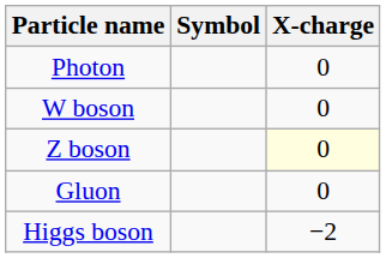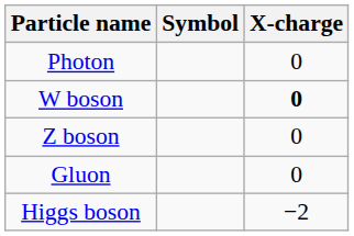 <table class="wikitable" style="text-align:center;">
 <tr>
 <th>Particle name</th>
 <th>Symbol</th>
 <th>X-charge</th>
 </tr>
 <tr>
 <td><a href='#'>Photon</a></td>
 <td></td>
 <td>0</td>
 </tr>
 <tr>
 <td><a href='#'>W boson</a></td>
 <td></td>
-<td>0</td>
+<td><strong>0</strong></td>
 </tr>
 <tr>
 <td><a href='#'>Z boson</a></td>
 <td></td>
-<td style="background: lightyellow;">0</td>
+<td>0</td>
 </tr>
 <tr>
 <td><a href='#'>Gluon</a></td>
 <td></td>
 <td>0</td>
 </tr>
 <tr>
 <td><a href='#'>Higgs boson</a></td>
 <td></td>
 <td colspan="2">−2</td>
 </tr>
 </table>
